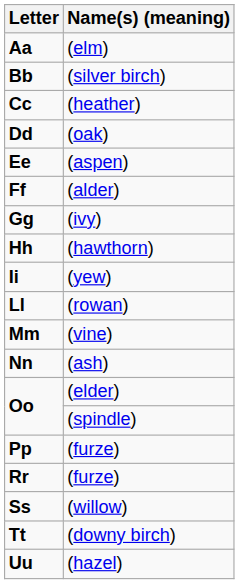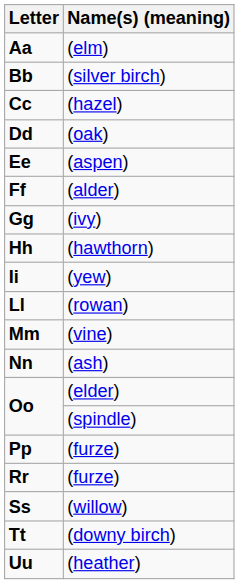 <table class="wikitable">
 <tr>
 <th>Letter</th>
 <th>Name(s) (meaning)</th>
 </tr>
 <tr>
 <td><strong>Aa</strong></td>
 <td> (<a href='#'>elm</a>)</td>
 </tr>
 <tr>
 <td><strong>Bb</strong></td>
 <td> (<a href='#'>silver birch</a>)</td>
 </tr>
 <tr>
 <td><strong>Cc</strong></td>
-<td> (<a href='#'>heather</a>)</td>
+<td> (<a href='#'>hazel</a>)</td>
 </tr>
 <tr>
 <td><strong>Dd</strong></td>
 <td> (<a href='#'>oak</a>)</td>
 </tr>
 <tr>
 <td><strong>Ee</strong></td>
 <td> (<a href='#'>aspen</a>)</td>
 </tr>
 <tr>
 <td><strong>Ff</strong></td>
 <td> (<a href='#'>alder</a>)</td>
 </tr>
 <tr>
 <td><strong>Gg</strong></td>
 <td> (<a href='#'>ivy</a>)</td>
 </tr>
 <tr>
 <td><strong>Hh</strong></td>
 <td> (<a href='#'>hawthorn</a>)</td>
 </tr>
 <tr>
 <td><strong>Ii</strong></td>
 <td> (<a href='#'>yew</a>)</td>
 </tr>
 <tr>
 <td><strong>Ll</strong></td>
 <td> (<a href='#'>rowan</a>)</td>
 </tr>
 <tr>
 <td><strong>Mm</strong></td>
 <td> (<a href='#'>vine</a>)</td>
 </tr>
 <tr>
 <td><strong>Nn</strong></td>
 <td> (<a href='#'>ash</a>)</td>
 </tr>
 <tr>
 <td rowspan="2"><strong>Oo</strong></td>
 <td> (<a href='#'>elder</a>)</td>
 </tr>
 <tr>
 <td> (<a href='#'>spindle</a>)</td>
 </tr>
 <tr>
 <td><strong>Pp</strong></td>
 <td> (<a href='#'>furze</a>)</td>
 </tr>
 <tr>
 <td><strong>Rr</strong></td>
 <td> (<a href='#'>furze</a>)</td>
 </tr>
 <tr>
 <td><strong>Ss</strong></td>
 <td> (<a href='#'>willow</a>)</td>
 </tr>
 <tr>
 <td><strong>Tt</strong></td>
 <td> (<a href='#'>downy birch</a>)</td>
 </tr>
 <tr>
 <td><strong>Uu</strong></td>
-<td> (<a href='#'>hazel</a>)</td>
+<td> (<a href='#'>heather</a>)</td>
 </tr>
 </table>
